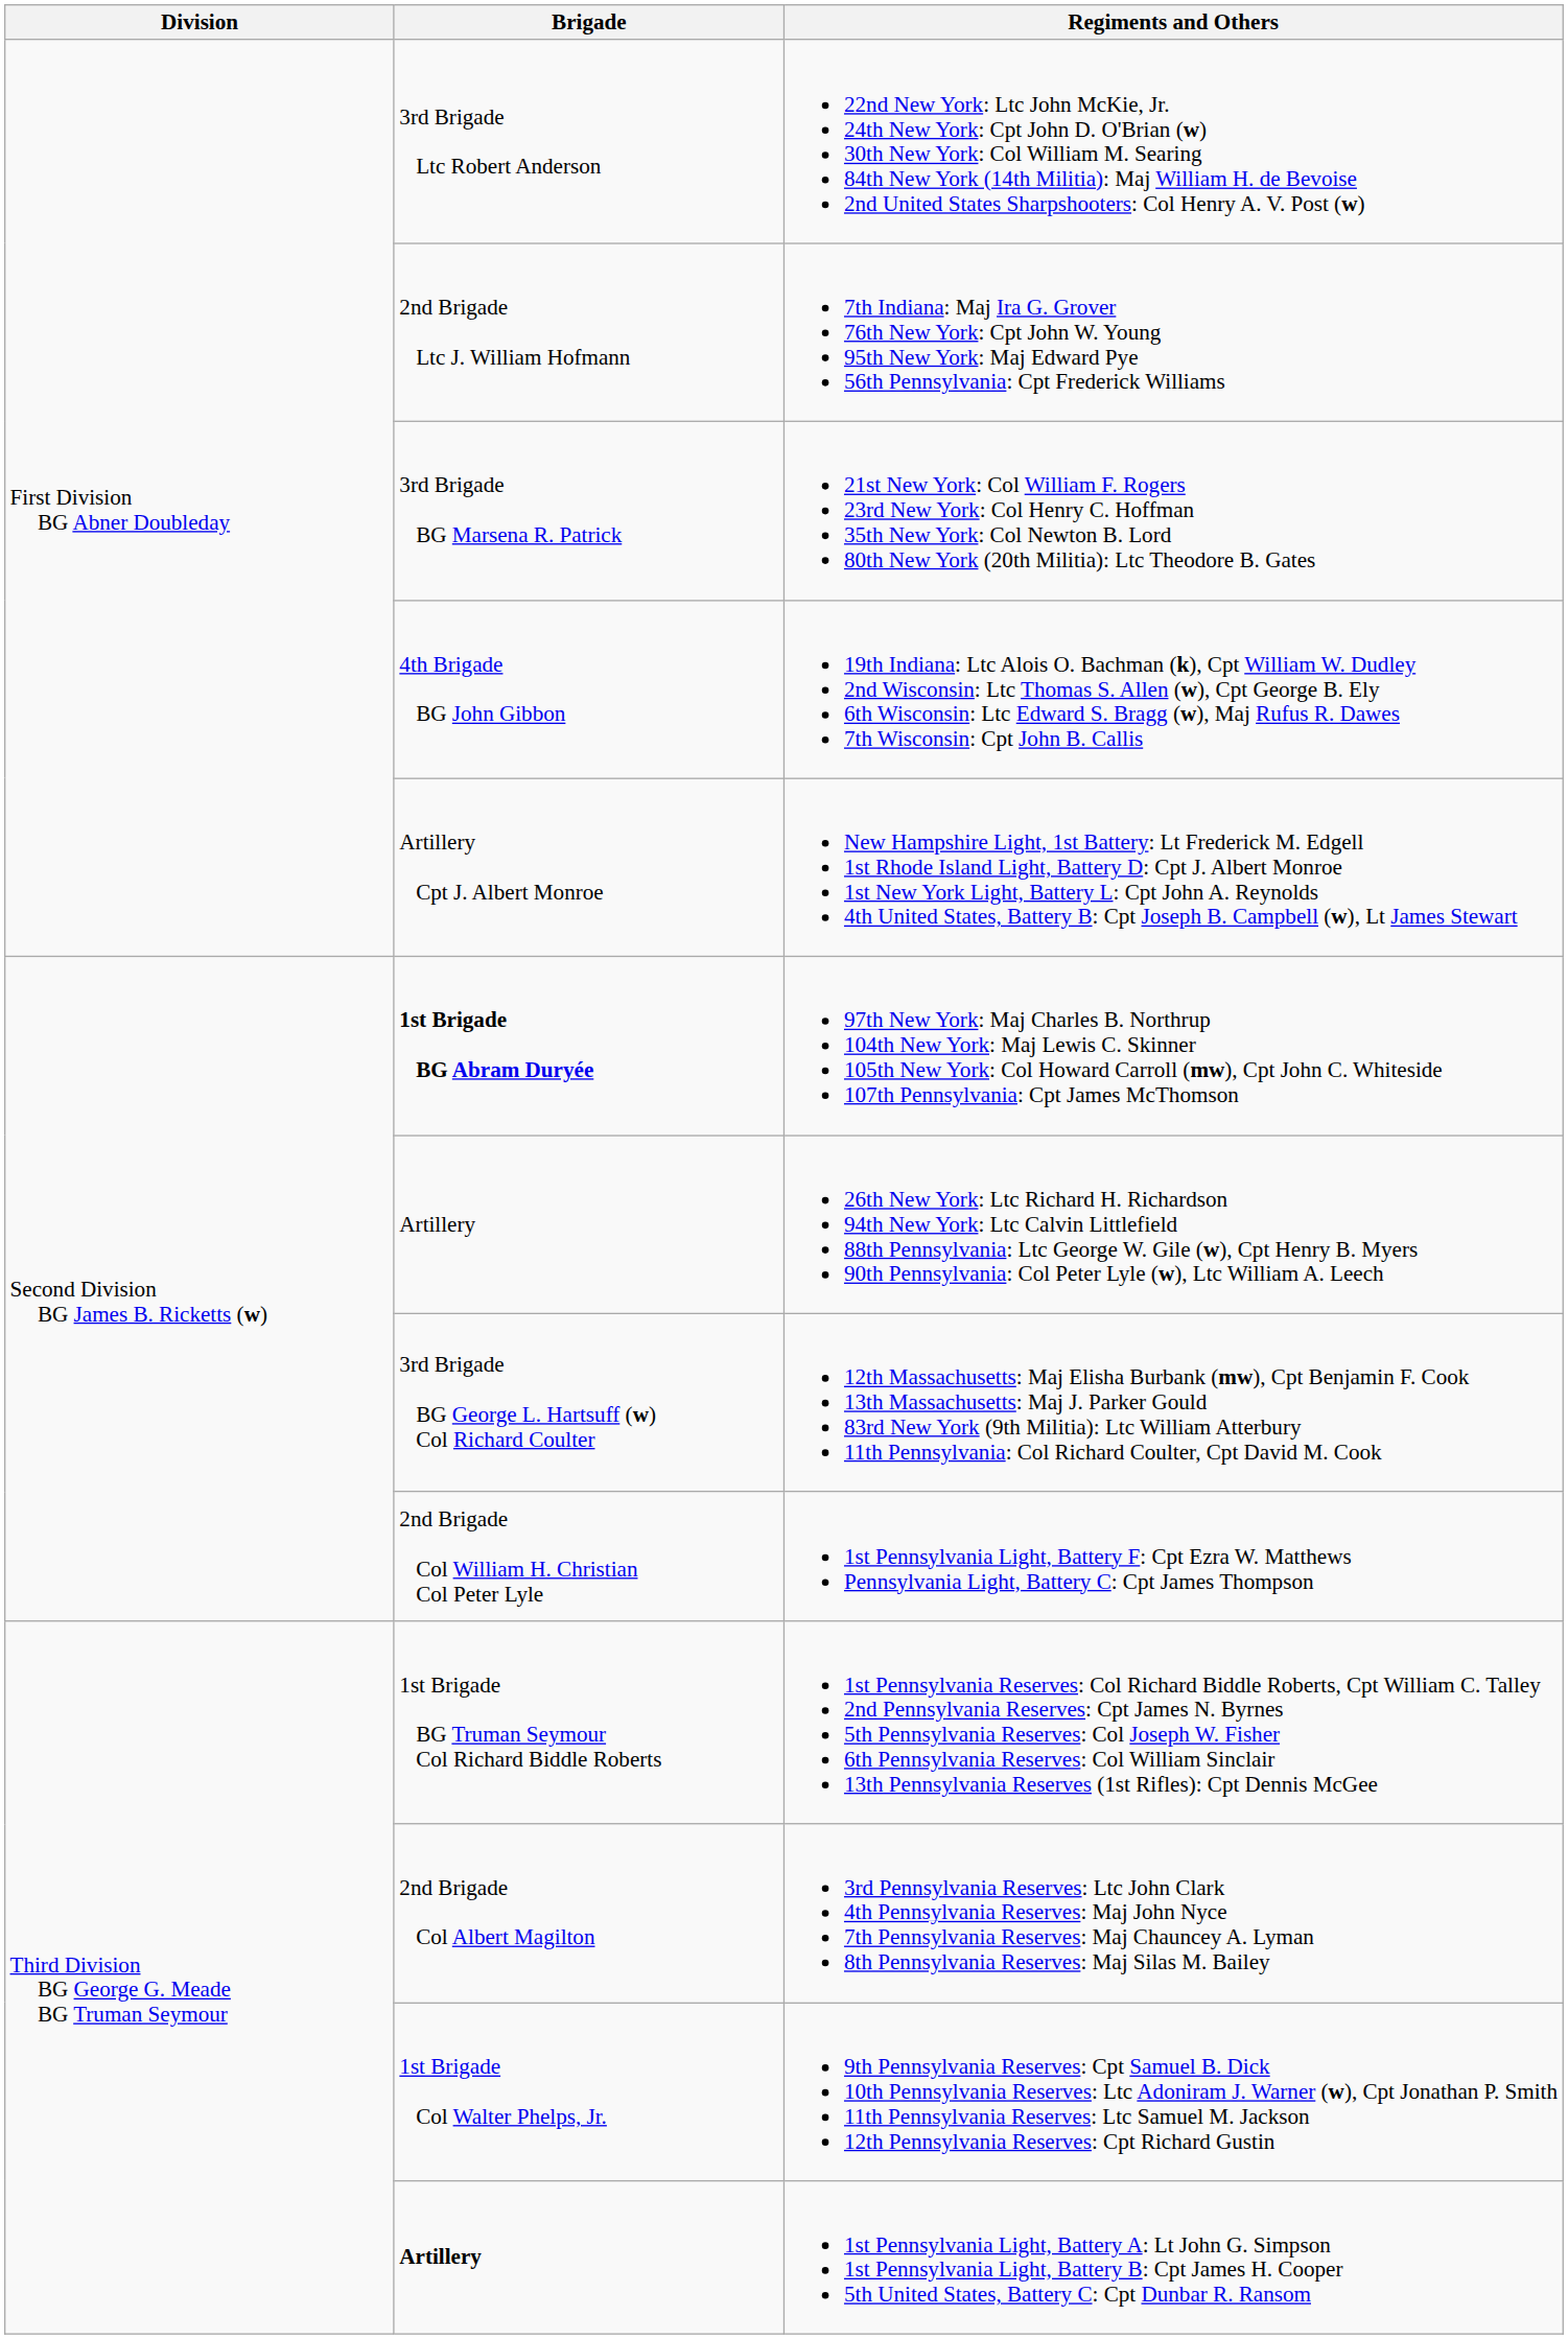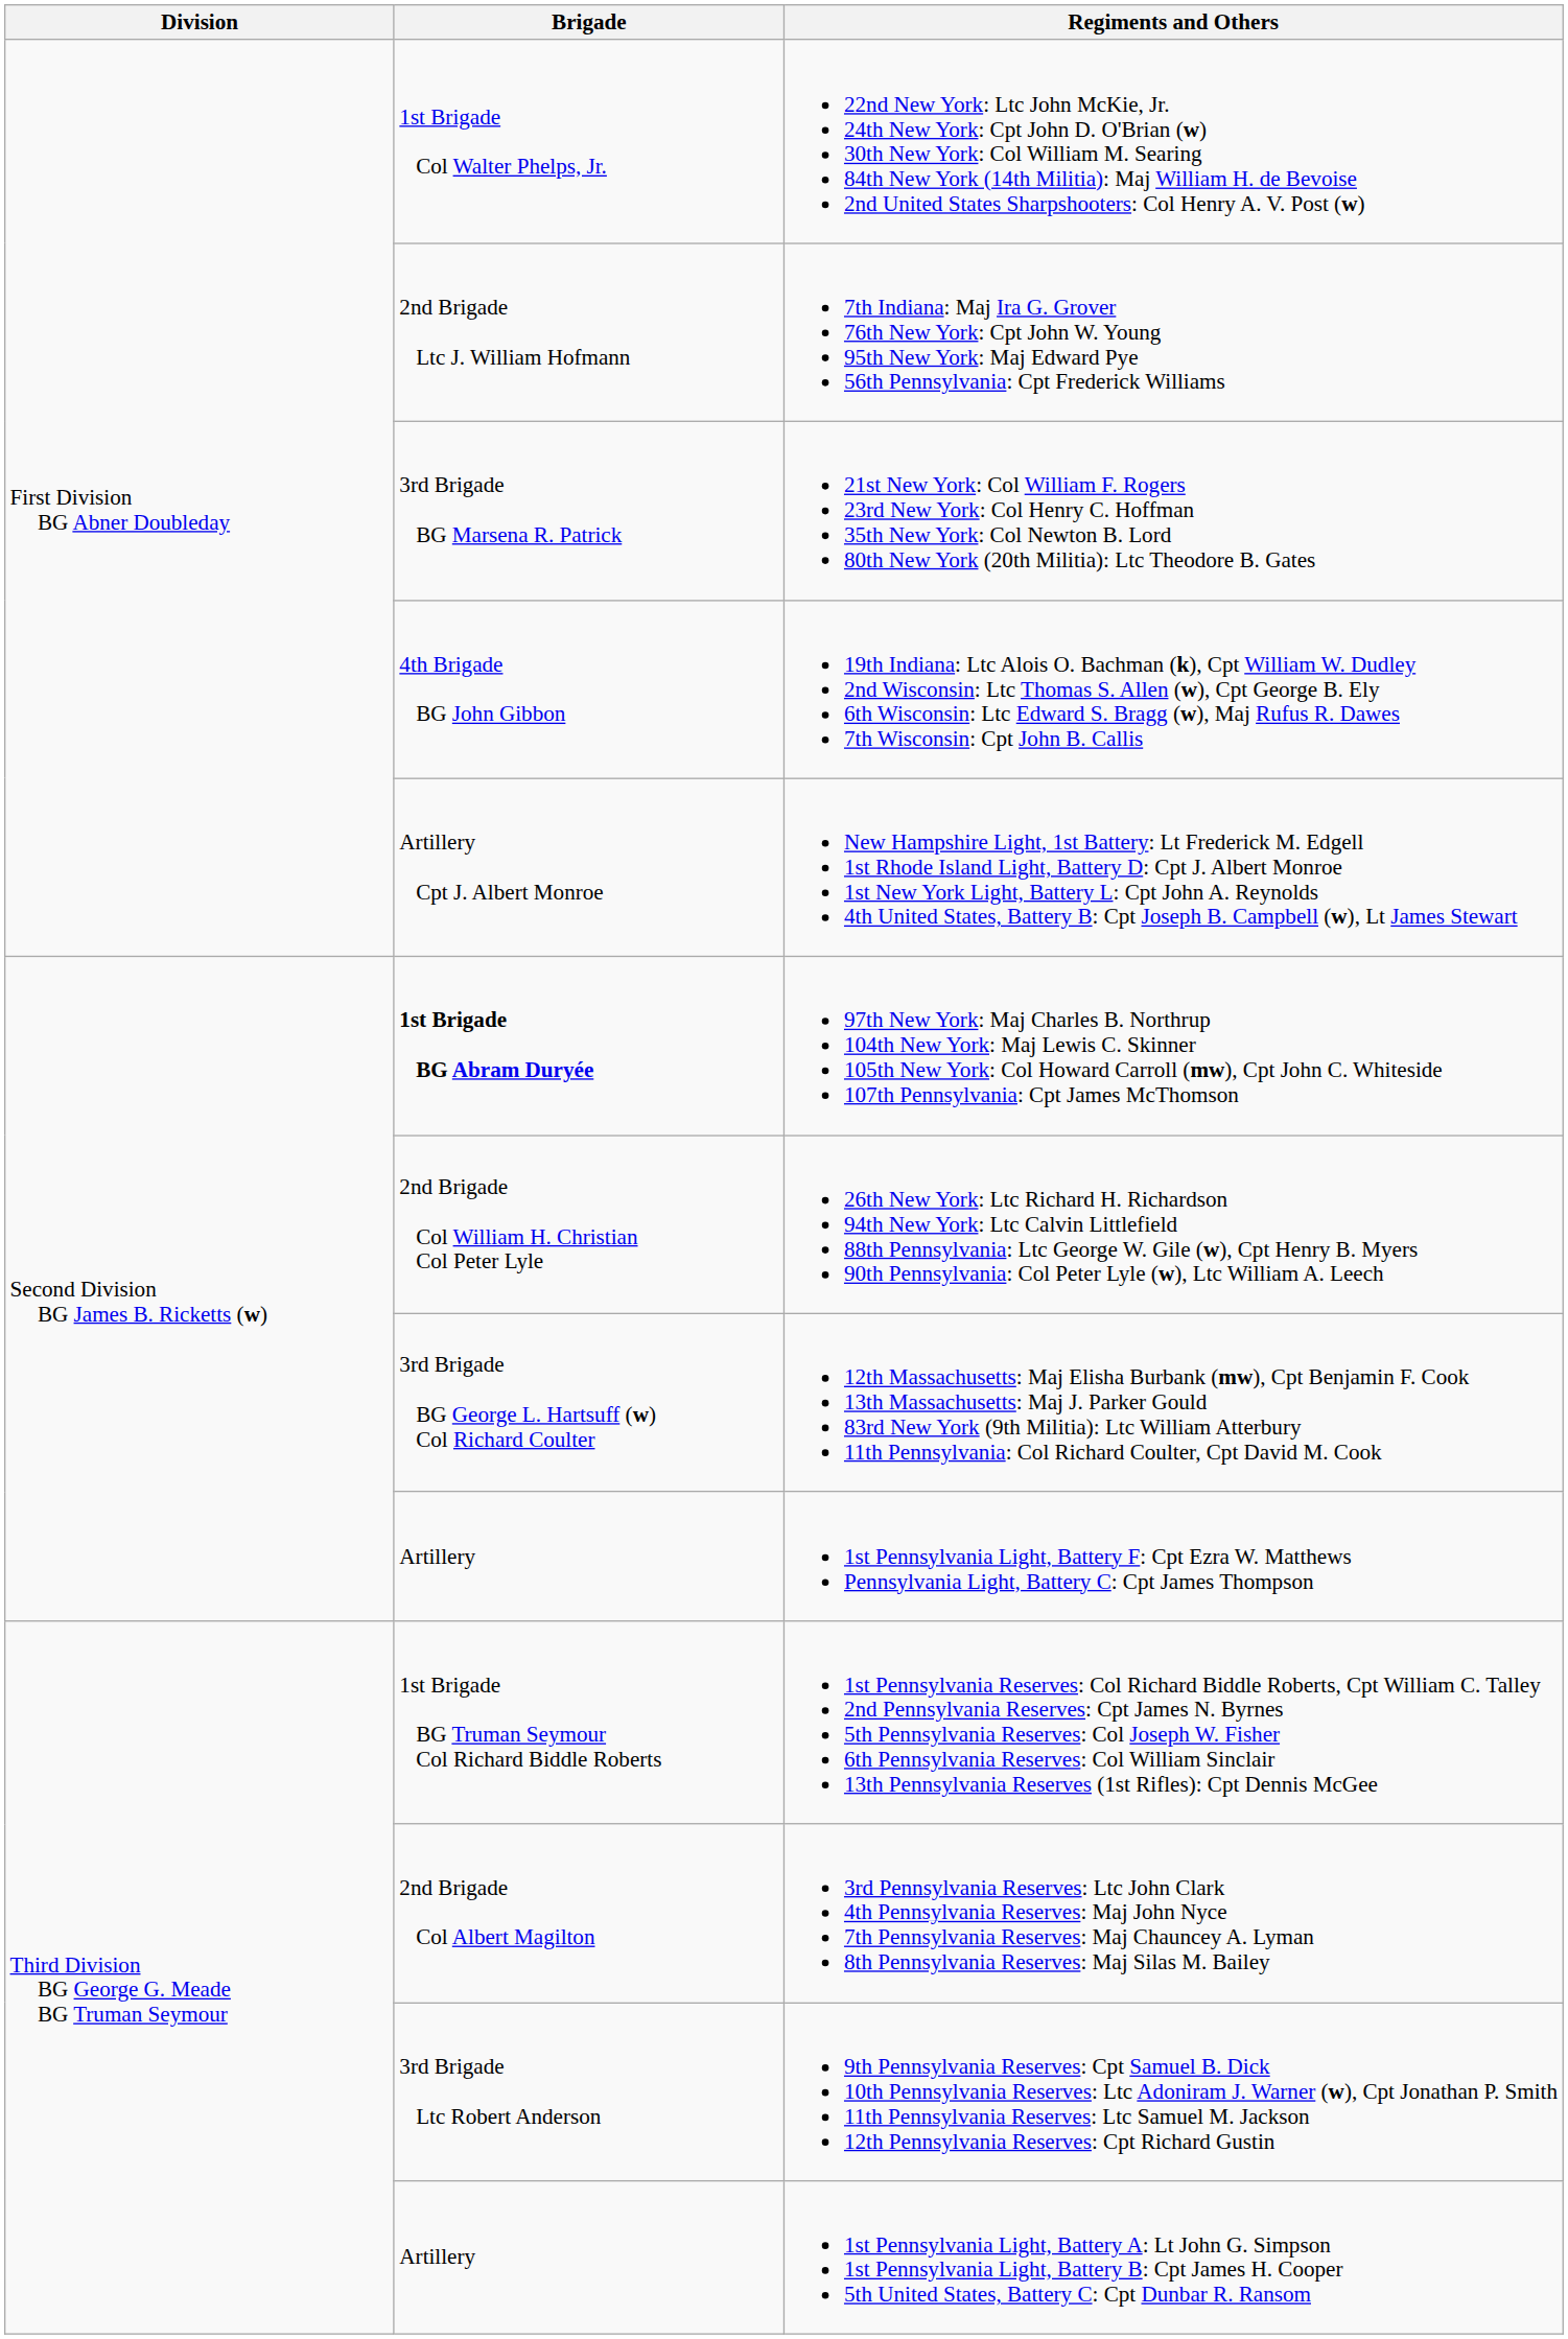 <table class="wikitable">
 <tr>
 <th width=25%>Division</th>
 <th width=25%>Brigade</th>
 <th>Regiments and Others</th>
 </tr>
 <tr>
 <td rowspan=5><br>First Division <br>     BG <a href='#'>Abner Doubleday</a></td>
-<td>3rd Brigade<br><br>   Ltc Robert Anderson</td>
+<td><a href='#'>1st Brigade</a><br><br>   Col <a href='#'>Walter Phelps, Jr.</a></td>
 <td><br><ul><li><a href='#'>22nd New York</a>: Ltc John McKie, Jr.</li><li><a href='#'>24th New York</a>: Cpt John D. O'Brian (<strong>w</strong>)</li><li><a href='#'>30th New York</a>: Col William M. Searing</li><li><a href='#'>84th New York (14th Militia)</a>: Maj <a href='#'>William H. de Bevoise</a></li><li><a href='#'>2nd United States Sharpshooters</a>: Col Henry A. V. Post (<strong>w</strong>)</li></ul></td>
 </tr>
 <tr>
 <td>2nd Brigade<br><br>   Ltc J. William Hofmann</td>
 <td><br><ul><li><a href='#'>7th Indiana</a>: Maj <a href='#'>Ira G. Grover</a></li><li><a href='#'>76th New York</a>: Cpt John W. Young</li><li><a href='#'>95th New York</a>: Maj Edward Pye</li><li><a href='#'>56th Pennsylvania</a>: Cpt Frederick Williams</li></ul></td>
 </tr>
 <tr>
 <td>3rd Brigade<br><br>   BG <a href='#'>Marsena R. Patrick</a></td>
 <td><br><ul><li><a href='#'>21st New York</a>: Col <a href='#'>William F. Rogers</a></li><li><a href='#'>23rd New York</a>: Col Henry C. Hoffman</li><li><a href='#'>35th New York</a>: Col Newton B. Lord</li><li><a href='#'>80th New York</a> (20th Militia): Ltc Theodore B. Gates</li></ul></td>
 </tr>
 <tr>
 <td><a href='#'>4th Brigade</a><br><br>   BG <a href='#'>John Gibbon</a></td>
 <td><br><ul><li><a href='#'>19th Indiana</a>: Ltc Alois O. Bachman (<strong>k</strong>), Cpt <a href='#'>William W. Dudley</a></li><li><a href='#'>2nd Wisconsin</a>: Ltc <a href='#'>Thomas S. Allen</a> (<strong>w</strong>), Cpt George B. Ely</li><li><a href='#'>6th Wisconsin</a>: Ltc <a href='#'>Edward S. Bragg</a> (<strong>w</strong>), Maj <a href='#'>Rufus R. Dawes</a></li><li><a href='#'>7th Wisconsin</a>: Cpt <a href='#'>John B. Callis</a></li></ul></td>
 </tr>
 <tr>
 <td>Artillery<br><br>   Cpt J. Albert Monroe</td>
 <td><br><ul><li><a href='#'>New Hampshire Light, 1st Battery</a>: Lt Frederick M. Edgell</li><li><a href='#'>1st Rhode Island Light, Battery D</a>: Cpt J. Albert Monroe</li><li><a href='#'>1st New York Light, Battery L</a>: Cpt John A. Reynolds</li><li><a href='#'>4th United States, Battery B</a>: Cpt <a href='#'>Joseph B. Campbell</a> (<strong>w</strong>), Lt <a href='#'>James Stewart</a></li></ul></td>
 </tr>
 <tr>
 <td rowspan=4><br>Second Division <br>     BG <a href='#'>James B. Ricketts</a> (<strong>w</strong>)</td>
 <td><strong>1st Brigade<br><br>   BG <a href='#'>Abram Duryée</a></strong></td>
 <td><br><ul><li><a href='#'>97th New York</a>: Maj Charles B. Northrup</li><li><a href='#'>104th New York</a>: Maj Lewis C. Skinner</li><li><a href='#'>105th New York</a>: Col Howard Carroll (<strong>mw</strong>), Cpt John C. Whiteside</li><li><a href='#'>107th Pennsylvania</a>: Cpt James McThomson</li></ul></td>
 </tr>
 <tr>
-<td>Artillery</td>
+<td>2nd Brigade<br><br>   Col <a href='#'>William H. Christian</a> <br>   Col Peter Lyle</td>
 <td><br><ul><li><a href='#'>26th New York</a>: Ltc Richard H. Richardson</li><li><a href='#'>94th New York</a>: Ltc Calvin Littlefield</li><li><a href='#'>88th Pennsylvania</a>: Ltc George W. Gile (<strong>w</strong>), Cpt Henry B. Myers</li><li><a href='#'>90th Pennsylvania</a>: Col Peter Lyle (<strong>w</strong>), Ltc William A. Leech</li></ul></td>
 </tr>
 <tr>
 <td>3rd Brigade<br><br>   BG <a href='#'>George L. Hartsuff</a> (<strong>w</strong>) <br>   Col <a href='#'>Richard Coulter</a></td>
 <td><br><ul><li><a href='#'>12th Massachusetts</a>: Maj Elisha Burbank (<strong>mw</strong>), Cpt Benjamin F. Cook</li><li><a href='#'>13th Massachusetts</a>: Maj J. Parker Gould</li><li><a href='#'>83rd New York</a> (9th Militia): Ltc William Atterbury</li><li><a href='#'>11th Pennsylvania</a>: Col Richard Coulter, Cpt David M. Cook</li></ul></td>
 </tr>
 <tr>
-<td>2nd Brigade<br><br>   Col <a href='#'>William H. Christian</a> <br>   Col Peter Lyle</td>
+<td>Artillery</td>
 <td><br><ul><li><a href='#'>1st Pennsylvania Light, Battery F</a>: Cpt Ezra W. Matthews</li><li><a href='#'>Pennsylvania Light, Battery C</a>: Cpt James Thompson</li></ul></td>
 </tr>
 <tr>
 <td rowspan=4><br><a href='#'>Third Division</a> <br>     BG <a href='#'>George G. Meade</a> <br>     BG <a href='#'>Truman Seymour</a></td>
 <td>1st Brigade<br><br>   BG <a href='#'>Truman Seymour</a> <br>   Col Richard Biddle Roberts</td>
 <td><br><ul><li><a href='#'>1st Pennsylvania Reserves</a>: Col Richard Biddle Roberts, Cpt William C. Talley</li><li><a href='#'>2nd Pennsylvania Reserves</a>: Cpt James N. Byrnes</li><li><a href='#'>5th Pennsylvania Reserves</a>: Col <a href='#'>Joseph W. Fisher</a></li><li><a href='#'>6th Pennsylvania Reserves</a>: Col William Sinclair</li><li><a href='#'>13th Pennsylvania Reserves</a> (1st Rifles): Cpt Dennis McGee</li></ul></td>
 </tr>
 <tr>
 <td>2nd Brigade<br><br>   Col <a href='#'>Albert Magilton</a></td>
 <td><br><ul><li><a href='#'>3rd Pennsylvania Reserves</a>: Ltc John Clark</li><li><a href='#'>4th Pennsylvania Reserves</a>: Maj John Nyce</li><li><a href='#'>7th Pennsylvania Reserves</a>: Maj Chauncey A. Lyman</li><li><a href='#'>8th Pennsylvania Reserves</a>: Maj Silas M. Bailey</li></ul></td>
 </tr>
 <tr>
-<td><a href='#'>1st Brigade</a><br><br>   Col <a href='#'>Walter Phelps, Jr.</a></td>
+<td>3rd Brigade<br><br>   Ltc Robert Anderson</td>
 <td><br><ul><li><a href='#'>9th Pennsylvania Reserves</a>: Cpt <a href='#'>Samuel B. Dick</a></li><li><a href='#'>10th Pennsylvania Reserves</a>: Ltc <a href='#'>Adoniram J. Warner</a> (<strong>w</strong>), Cpt Jonathan P. Smith</li><li><a href='#'>11th Pennsylvania Reserves</a>: Ltc Samuel M. Jackson</li><li><a href='#'>12th Pennsylvania Reserves</a>: Cpt Richard Gustin</li></ul></td>
 </tr>
 <tr>
-<td><strong>Artillery</strong></td>
+<td>Artillery</td>
 <td><br><ul><li><a href='#'>1st Pennsylvania Light, Battery A</a>: Lt John G. Simpson</li><li><a href='#'>1st Pennsylvania Light, Battery B</a>: Cpt James H. Cooper</li><li><a href='#'>5th United States, Battery C</a>: Cpt <a href='#'>Dunbar R. Ransom</a></li></ul></td>
 </tr>
 </table>
